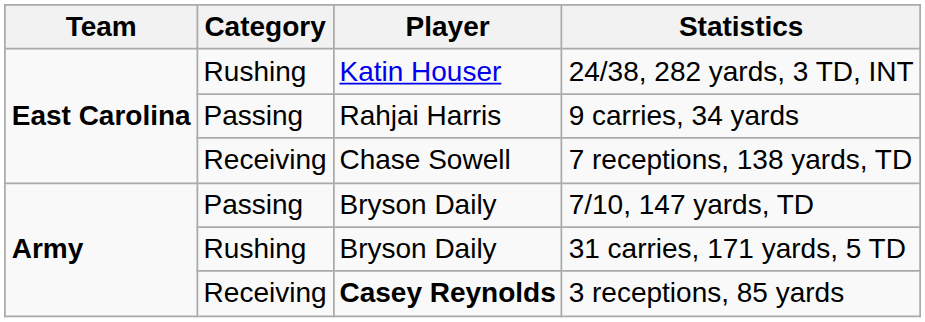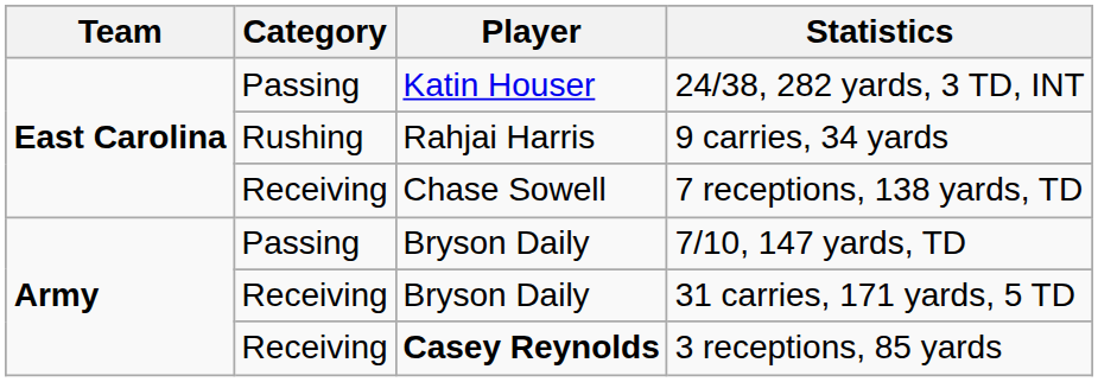 <table class="wikitable" style="float: right;">
 <tr>
 <th>Team</th>
 <th>Category</th>
 <th>Player</th>
 <th>Statistics</th>
 </tr>
 <tr>
 <td rowspan=3><strong>East Carolina</strong></td>
-<td>Rushing</td>
+<td>Passing</td>
 <td><a href='#'>Katin Houser</a></td>
 <td>24/38, 282 yards, 3 TD, INT</td>
 </tr>
 <tr>
-<td>Passing</td>
+<td>Rushing</td>
 <td>Rahjai Harris</td>
 <td>9 carries, 34 yards</td>
 </tr>
 <tr>
 <td>Receiving</td>
 <td>Chase Sowell</td>
 <td>7 receptions, 138 yards, TD</td>
 </tr>
 <tr>
 <td rowspan=3><strong>Army</strong></td>
 <td>Passing</td>
 <td>Bryson Daily</td>
 <td>7/10, 147 yards, TD</td>
 </tr>
 <tr>
-<td>Rushing</td>
+<td>Receiving</td>
 <td>Bryson Daily</td>
 <td>31 carries, 171 yards, 5 TD</td>
 </tr>
 <tr>
 <td>Receiving</td>
 <td><strong>Casey Reynolds</strong></td>
 <td>3 receptions, 85 yards</td>
 </tr>
 </table>
